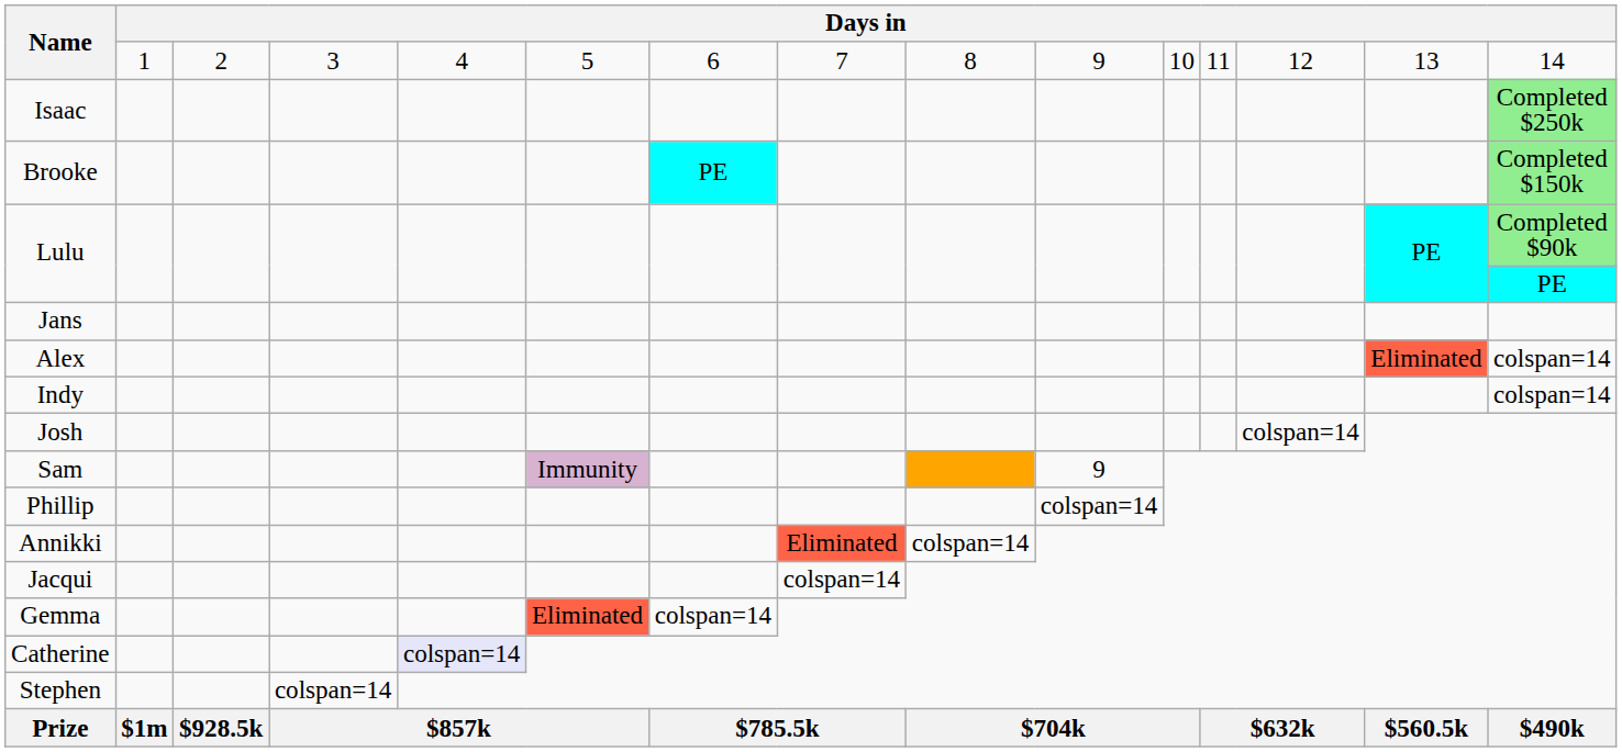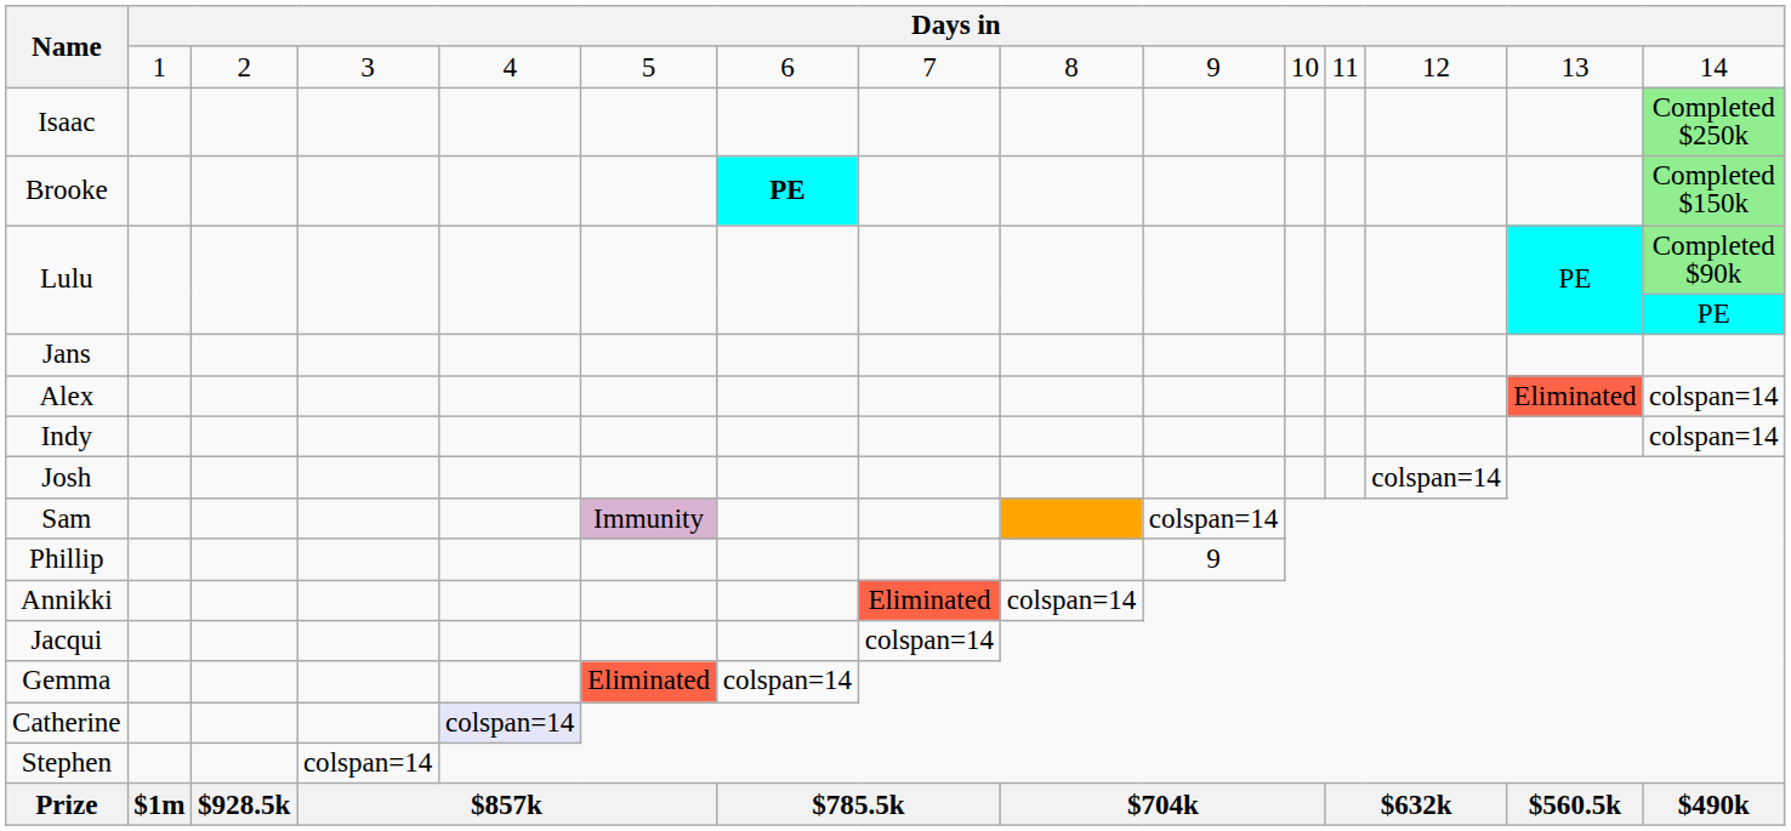 <table class="wikitable plainrowheaders" style="text-align: center; line-height:16px;">
 <tr>
 <th rowspan=2>Name</th>
 <th colspan=14>Days in</th>
 </tr>
 <tr>
 <td>1</td>
 <td>2</td>
 <td>3</td>
 <td>4</td>
 <td>5</td>
 <td>6</td>
 <td>7</td>
 <td>8</td>
 <td>9</td>
 <td>10</td>
 <td>11</td>
 <td>12</td>
 <td>13</td>
 <td>14</td>
 </tr>
 <tr>
 <td>Isaac</td>
 <td></td>
 <td></td>
 <td></td>
 <td></td>
 <td></td>
 <td></td>
 <td></td>
 <td></td>
 <td></td>
 <td></td>
 <td></td>
 <td></td>
 <td></td>
 <td style="text-align:center; background:lightgreen">Completed<br>$250k</td>
 </tr>
 <tr>
 <td>Brooke</td>
 <td></td>
 <td></td>
 <td></td>
 <td></td>
 <td></td>
-<td style="text-align:center; background:aqua">PE</td>
+<td style="text-align:center; background:aqua"><strong>PE</strong></td>
 <td></td>
 <td></td>
 <td></td>
 <td></td>
 <td></td>
 <td></td>
 <td></td>
 <td style="text-align:center; background:lightgreen">Completed<br>$150k</td>
 </tr>
 <tr>
 <td rowspan=2>Lulu</td>
 <td rowspan=2></td>
 <td rowspan=2></td>
 <td rowspan=2></td>
 <td rowspan=2></td>
 <td rowspan=2></td>
 <td rowspan=2></td>
 <td rowspan=2></td>
 <td rowspan=2></td>
 <td rowspan=2></td>
 <td rowspan=2></td>
 <td rowspan=2></td>
 <td rowspan=2></td>
 <td rowspan=2 style="text-align:center; background:aqua">PE</td>
 <td style="text-align:center; background:lightgreen">Completed<br>$90k</td>
 </tr>
 <tr>
 <td style="text-align:center; background:aqua">PE</td>
 </tr>
 <tr>
 <td>Jans</td>
 <td></td>
 <td></td>
 <td></td>
 <td></td>
 <td></td>
 <td></td>
 <td></td>
 <td></td>
 <td></td>
 <td></td>
 <td></td>
 <td></td>
 <td></td>
 <td></td>
 </tr>
 <tr>
 <td>Alex</td>
 <td></td>
 <td></td>
 <td></td>
 <td></td>
 <td></td>
 <td></td>
 <td></td>
 <td></td>
 <td></td>
 <td></td>
 <td></td>
 <td></td>
 <td style="text-align:center; background:tomato">Eliminated</td>
 <td>colspan=14 </td>
 </tr>
 <tr>
 <td>Indy</td>
 <td></td>
 <td></td>
 <td></td>
 <td></td>
 <td></td>
 <td></td>
 <td></td>
 <td></td>
 <td></td>
 <td></td>
 <td></td>
 <td></td>
 <td></td>
 <td>colspan=14 </td>
 </tr>
 <tr>
 <td>Josh</td>
 <td></td>
 <td></td>
 <td></td>
 <td></td>
 <td></td>
 <td></td>
 <td></td>
 <td></td>
 <td></td>
 <td></td>
 <td></td>
 <td>colspan=14 </td>
 </tr>
 <tr>
 <td>Sam</td>
 <td></td>
 <td></td>
 <td></td>
 <td></td>
 <td style="text-align:center; background:#D8B2D1">Immunity</td>
 <td></td>
 <td></td>
 <td style="text-align:center; background:orange"></td>
-<td>9</td>
+<td>colspan=14 </td>
 </tr>
 <tr>
 <td>Phillip</td>
 <td></td>
 <td></td>
 <td></td>
 <td></td>
 <td></td>
 <td></td>
 <td></td>
 <td></td>
-<td>colspan=14 </td>
+<td>9</td>
 </tr>
 <tr>
 <td>Annikki</td>
 <td></td>
 <td></td>
 <td></td>
 <td></td>
 <td></td>
 <td></td>
 <td style="text-align:center; background:tomato">Eliminated</td>
 <td>colspan=14 </td>
 </tr>
 <tr>
 <td>Jacqui</td>
 <td></td>
 <td></td>
 <td></td>
 <td></td>
 <td></td>
 <td></td>
 <td>colspan=14 </td>
 </tr>
 <tr>
 <td>Gemma</td>
 <td></td>
 <td></td>
 <td></td>
 <td></td>
 <td style="text-align:center; background:tomato">Eliminated</td>
 <td>colspan=14 </td>
 </tr>
 <tr>
 <td>Catherine</td>
 <td></td>
 <td></td>
 <td></td>
 <td style="background: lavender;">colspan=14 </td>
 </tr>
 <tr>
 <td>Stephen</td>
 <td></td>
 <td></td>
 <td>colspan=14 </td>
 </tr>
 <tr>
 <th>Prize</th>
 <th>$1m</th>
 <th>$928.5k</th>
 <th colspan=3>$857k</th>
 <th colspan=2>$785.5k</th>
 <th colspan=3>$704k</th>
 <th colspan=2>$632k</th>
 <th>$560.5k</th>
 <th>$490k</th>
 </tr>
 </table>
